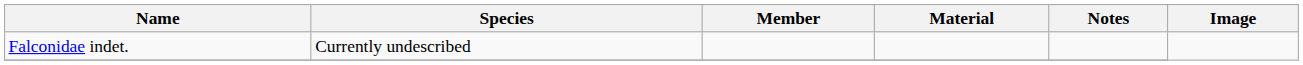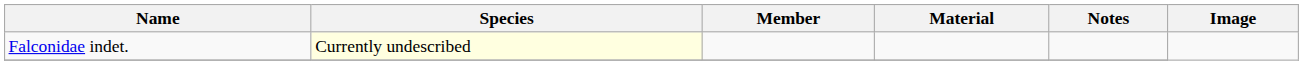 <table class="wikitable" align="center" width="75%">
 <tr>
 <th>Name</th>
 <th>Species</th>
 <th>Member</th>
 <th>Material</th>
 <th>Notes</th>
 <th>Image</th>
 </tr>
 <tr>
 <td><a href='#'>Falconidae</a> indet.</td>
-<td>Currently undescribed</td>
+<td style="background: lightyellow;">Currently undescribed</td>
 <td></td>
 <td></td>
 <td></td>
 </tr>
 <tr>
 </tr>
 </table>
